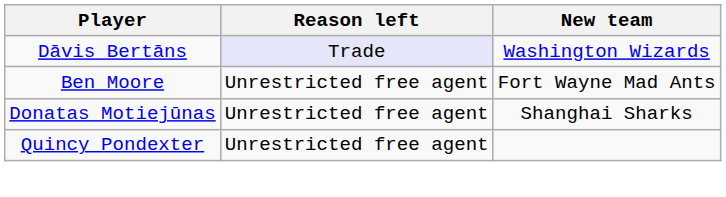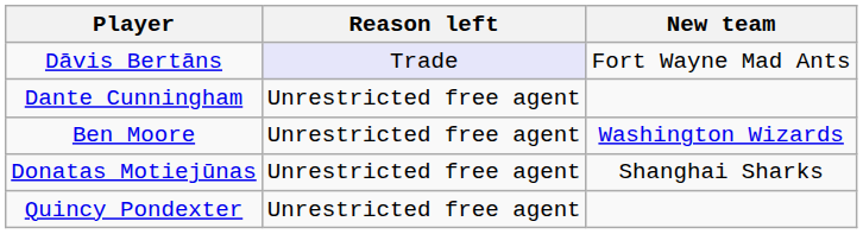 <table class="wikitable sortable sortable" style="text-align: center">
 <tr>
 <th>Player</th>
 <th>Reason left</th>
 <th>New team</th>
 </tr>
 <tr style="text-align: center">
 <td><a href='#'>Dāvis Bertāns</a></td>
 <td style="background: lavender;">Trade</td>
-<td><a href='#'>Washington Wizards</a></td>
+<td>Fort Wayne Mad Ants</td>
+</tr>
+<tr style="text-align: center">
+<td><a href='#'>Dante Cunningham</a></td>
+<td>Unrestricted free agent</td>
+<td></td>
 </tr>
 <tr style="text-align: center">
 <td><a href='#'>Ben Moore</a></td>
 <td>Unrestricted free agent</td>
-<td>Fort Wayne Mad Ants</td>
+<td><a href='#'>Washington Wizards</a></td>
 </tr>
 <tr style="text-align: center">
 <td><a href='#'>Donatas Motiejūnas</a></td>
 <td>Unrestricted free agent</td>
 <td>Shanghai Sharks</td>
 </tr>
 <tr style="text-align: center">
 <td><a href='#'>Quincy Pondexter</a></td>
 <td>Unrestricted free agent</td>
 <td></td>
 </tr>
 </table>
